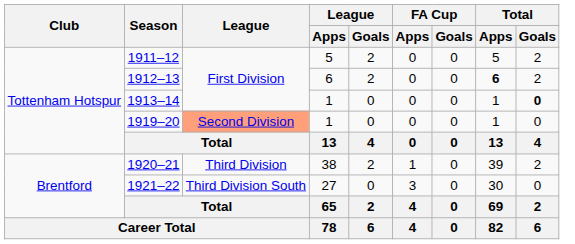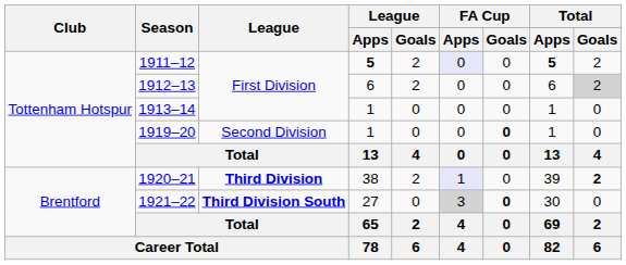 <table class="wikitable" style="text-align: center;">
 <tr>
 <th rowspan="2">Club</th>
 <th rowspan="2">Season</th>
 <th rowspan="2">League</th>
 <th colspan="2">League</th>
 <th colspan="2">FA Cup</th>
 <th colspan="2">Total</th>
 </tr>
 <tr>
 <th>Apps</th>
 <th>Goals</th>
 <th>Apps</th>
 <th>Goals</th>
 <th>Apps</th>
 <th>Goals</th>
 </tr>
 <tr>
 <td rowspan="5"><a href='#'>Tottenham Hotspur</a></td>
 <td><a href='#'>1911–12</a></td>
 <td rowspan="3"><a href='#'>First Division</a></td>
-<td>5</td>
+<td><strong>5</strong></td>
 <td>2</td>
+<td style="background: lavender;">0</td>
 <td>0</td>
-<td>0</td>
-<td>5</td>
+<td><strong>5</strong></td>
 <td>2</td>
 </tr>
 <tr>
 <td><a href='#'>1912–13</a></td>
 <td>6</td>
 <td>2</td>
 <td>0</td>
 <td>0</td>
-<td><strong>6</strong></td>
-<td>2</td>
+<td>6</td>
+<td style="background: lightgrey;">2</td>
 </tr>
 <tr>
 <td><a href='#'>1913–14</a></td>
 <td>1</td>
 <td>0</td>
 <td>0</td>
 <td>0</td>
 <td>1</td>
-<td><strong>0</strong></td>
+<td>0</td>
 </tr>
 <tr>
 <td><a href='#'>1919–20</a></td>
-<td style="background: lightsalmon;"><a href='#'>Second Division</a></td>
+<td><a href='#'>Second Division</a></td>
 <td>1</td>
 <td>0</td>
 <td>0</td>
-<td>0</td>
+<td><strong>0</strong></td>
 <td>1</td>
 <td>0</td>
 </tr>
 <tr>
 <th colspan="2">Total</th>
 <th>13</th>
 <th>4</th>
 <th>0</th>
 <th>0</th>
 <th>13</th>
 <th>4</th>
 </tr>
 <tr>
 <td rowspan="3"><a href='#'>Brentford</a></td>
 <td><a href='#'>1920–21</a></td>
-<td><a href='#'>Third Division</a></td>
+<td><strong><a href='#'>Third Division</a></strong></td>
 <td>38</td>
 <td>2</td>
-<td>1</td>
+<td style="background: lavender;">1</td>
 <td>0</td>
 <td>39</td>
-<td>2</td>
+<td><strong>2</strong></td>
 </tr>
 <tr>
 <td><a href='#'>1921–22</a></td>
-<td><a href='#'>Third Division South</a></td>
+<td><strong><a href='#'>Third Division South</a></strong></td>
 <td>27</td>
 <td>0</td>
-<td>3</td>
-<td>0</td>
+<td style="background: lightgrey;">3</td>
+<td><strong>0</strong></td>
 <td>30</td>
 <td>0</td>
 </tr>
 <tr>
 <th colspan="2">Total</th>
 <th>65</th>
 <th>2</th>
 <th>4</th>
 <th>0</th>
 <th>69</th>
 <th>2</th>
 </tr>
 <tr>
 <th colspan="3">Career Total</th>
 <th>78</th>
 <th>6</th>
 <th>4</th>
 <th>0</th>
 <th>82</th>
 <th>6</th>
 </tr>
 </table>
